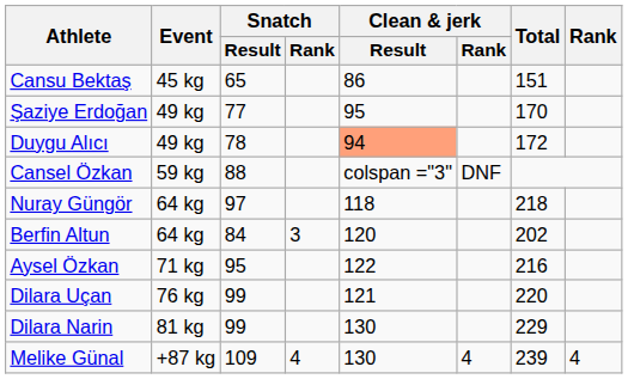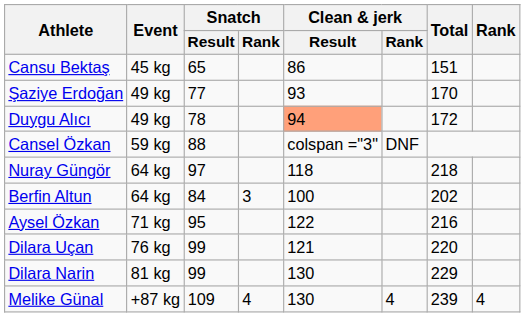 <table class="wikitable" style="font-size:90%">
 <tr>
 <th rowspan="2">Athlete</th>
 <th rowspan="2">Event</th>
 <th colspan="2">Snatch</th>
 <th colspan="2">Clean & jerk</th>
 <th rowspan="2">Total</th>
 <th rowspan="2">Rank</th>
 </tr>
 <tr style="font-size:95%">
 <th>Result</th>
 <th>Rank</th>
 <th>Result</th>
 <th>Rank</th>
 </tr>
 <tr>
 <td align=left><a href='#'>Cansu Bektaş</a></td>
 <td align=left>45 kg</td>
 <td>65</td>
 <td></td>
 <td>86</td>
 <td></td>
 <td>151</td>
 <td></td>
 </tr>
 <tr>
 <td align=left><a href='#'>Şaziye Erdoğan</a></td>
 <td align=left>49 kg</td>
 <td>77</td>
 <td></td>
-<td>95</td>
+<td>93</td>
 <td></td>
 <td>170</td>
 <td></td>
 </tr>
 <tr>
 <td align=left><a href='#'>Duygu Alıcı</a></td>
 <td align=left>49 kg</td>
 <td>78</td>
 <td></td>
 <td style="background: lightsalmon;">94</td>
 <td></td>
 <td>172</td>
 <td></td>
 </tr>
 <tr>
 <td align=left><a href='#'>Cansel Özkan</a></td>
 <td align=left>59 kg</td>
 <td>88</td>
 <td></td>
 <td>colspan ="3" </td>
 <td>DNF</td>
 </tr>
 <tr>
 <td align=left><a href='#'>Nuray Güngör</a></td>
 <td align=left>64 kg</td>
 <td>97</td>
 <td></td>
 <td>118</td>
 <td></td>
 <td>218</td>
 <td></td>
 </tr>
 <tr>
 <td align=left><a href='#'>Berfin Altun</a></td>
 <td align=left>64 kg</td>
 <td>84</td>
 <td>3</td>
-<td>120</td>
+<td>100</td>
 <td></td>
 <td>202</td>
 <td></td>
 </tr>
 <tr>
 <td align=left><a href='#'>Aysel Özkan</a></td>
 <td align=left>71 kg</td>
 <td>95</td>
 <td></td>
 <td>122</td>
 <td></td>
 <td>216</td>
 <td></td>
 </tr>
 <tr>
 <td align=left><a href='#'>Dilara Uçan</a></td>
 <td align=left>76 kg</td>
 <td>99</td>
 <td></td>
 <td>121</td>
 <td></td>
 <td>220</td>
 <td></td>
 </tr>
 <tr>
 <td align=left><a href='#'>Dilara Narin</a></td>
 <td align=left>81 kg</td>
 <td>99</td>
 <td></td>
 <td>130</td>
 <td></td>
 <td>229</td>
 <td></td>
 </tr>
 <tr>
 <td align=left><a href='#'>Melike Günal</a></td>
 <td align=left>+87 kg</td>
 <td>109</td>
 <td>4</td>
 <td>130</td>
 <td>4</td>
 <td>239</td>
 <td>4</td>
 </tr>
 </table>
